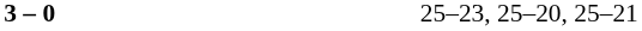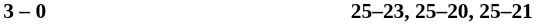 <table width=100% cellspacing=1>
 <tr>
 <th width=20%></th>
 <th width=12%></th>
 <th width=20%></th>
 <th width=33%></th>
 <td></td>
 </tr>
 <tr style=font-size:95%>
 <td align=right><strong></strong></td>
 <td align=center><strong>3 – 0</strong></td>
 <td></td>
-<td>25–23, 25–20, 25–21</td>
+<td><strong>25–23, 25–20, 25–21</strong></td>
 </tr>
 </table>
